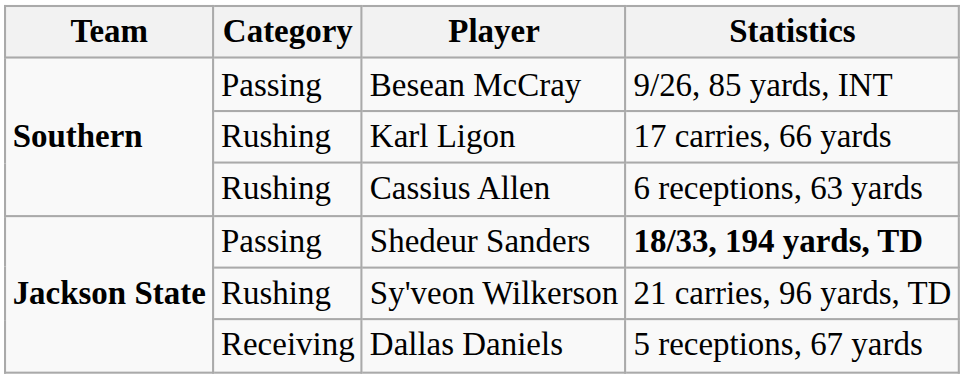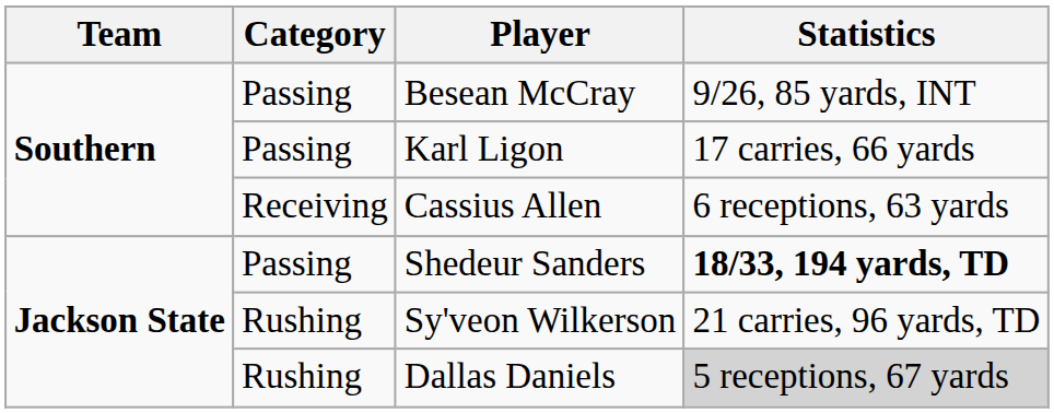 <table class="wikitable" style="float: left;">
 <tr>
 <th>Team</th>
 <th>Category</th>
 <th>Player</th>
 <th>Statistics</th>
 </tr>
 <tr>
 <td rowspan=3><strong>Southern</strong></td>
 <td>Passing</td>
 <td>Besean McCray</td>
 <td>9/26, 85 yards, INT</td>
 </tr>
 <tr>
-<td>Rushing</td>
+<td>Passing</td>
 <td>Karl Ligon</td>
 <td>17 carries, 66 yards</td>
 </tr>
 <tr>
-<td>Rushing</td>
+<td>Receiving</td>
 <td>Cassius Allen</td>
 <td>6 receptions, 63 yards</td>
 </tr>
 <tr>
 <td rowspan=3><strong>Jackson State</strong></td>
 <td>Passing</td>
 <td>Shedeur Sanders</td>
 <td><strong>18/33, 194 yards, TD</strong></td>
 </tr>
 <tr>
 <td>Rushing</td>
 <td>Sy'veon Wilkerson</td>
 <td>21 carries, 96 yards, TD</td>
 </tr>
 <tr>
-<td>Receiving</td>
+<td>Rushing</td>
 <td>Dallas Daniels</td>
-<td>5 receptions, 67 yards</td>
+<td style="background: lightgrey;">5 receptions, 67 yards</td>
 </tr>
 </table>
